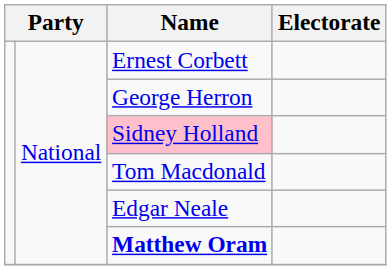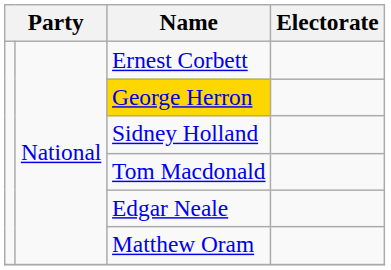 <table class="wikitable">
 <tr>
 <th colspan=2>Party</th>
 <th>Name</th>
 <th>Electorate</th>
 </tr>
 <tr>
 <td rowspan=6 style="background-color: "></td>
 <td rowspan=6><a href='#'>National</a></td>
 <td><a href='#'>Ernest Corbett</a></td>
 <td></td>
 </tr>
 <tr>
-<td><a href='#'>George Herron</a></td>
+<td style="background: gold;"><a href='#'>George Herron</a></td>
 <td></td>
 </tr>
 <tr>
-<td style="background: pink;"><a href='#'>Sidney Holland</a></td>
+<td><a href='#'>Sidney Holland</a></td>
 <td></td>
 </tr>
 <tr>
 <td><a href='#'>Tom Macdonald</a></td>
 <td></td>
 </tr>
 <tr>
 <td><a href='#'>Edgar Neale</a></td>
 <td></td>
 </tr>
 <tr>
-<td><strong><a href='#'>Matthew Oram</a></strong></td>
+<td><a href='#'>Matthew Oram</a></td>
 <td></td>
 </tr>
 <tr>
 </tr>
 </table>
